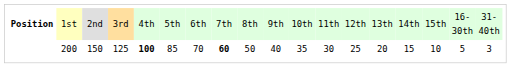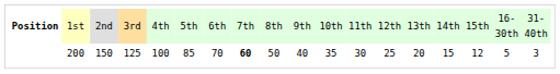 <table cellpadding="4" cellspacing="0"  style="border: 1px solid rgb(200,200,200); color: black; margin: 0 0 0.5em 0; background-color: rgb(255, 255, 255); padding: 5px; float: left; clear: left; ; text-align: center; vertical-align: top; font-size: 100%; line-height: 1.5em;">
 <tr>
 <td align="left"><strong>Position</strong></td>
 <td width=30 bgcolor="#ffffbf">1st</td>
 <td width=30 bgcolor="#dfdfdf">2nd</td>
 <td width=30 bgcolor="#ffdf9f">3rd</td>
 <td width=30 bgcolor="#dfffdf">4th</td>
 <td width=30 bgcolor="#dfffdf">5th</td>
 <td width=30 bgcolor="#dfffdf">6th</td>
 <td width=30 bgcolor="#dfffdf">7th</td>
 <td width=30 bgcolor="#dfffdf">8th</td>
 <td width=30 bgcolor="#dfffdf">9th</td>
 <td width=30 bgcolor="#dfffdf">10th</td>
 <td width=30 bgcolor="#dfffdf">11th</td>
 <td width=30 bgcolor="#dfffdf">12th</td>
 <td width=30 bgcolor="#dfffdf">13th</td>
 <td width=30 bgcolor="#dfffdf">14th</td>
 <td width=30 bgcolor="#dfffdf">15th</td>
 <td width=30 bgcolor="#dfffdf">16-30th</td>
 <td width=30 bgcolor="#dfffdf">31-40th</td>
 </tr>
 <tr>
 <td align="left"></td>
 <td>200</td>
 <td>150</td>
 <td>125</td>
-<td><strong>100</strong></td>
+<td>100</td>
 <td>85</td>
 <td>70</td>
 <td><strong>60</strong></td>
 <td>50</td>
 <td>40</td>
 <td>35</td>
 <td>30</td>
 <td>25</td>
 <td>20</td>
 <td>15</td>
-<td>10</td>
+<td>12</td>
 <td>5</td>
 <td>3</td>
 </tr>
 </table>
